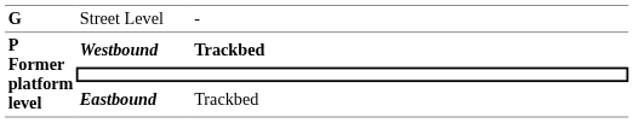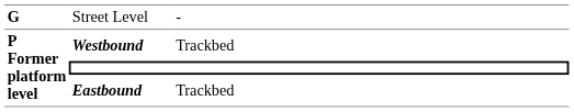 <table table border=0 cellspacing=0 cellpadding=3>
 <tr>
 <td style="width:50px;border-top:solid 1px gray; vertical-align:top;" width=50><strong>G</strong></td>
 <td style="width:100px;border-top:solid 1px gray; vertical-align:top;" width=100>Street Level</td>
 <td style="width:400px;border-top:solid 1px gray; vertical-align:top;" width=400>-</td>
 </tr>
 <tr>
 <td style="border-top:solid 1px gray;border-bottom:solid 1px gray;" width=50 rowspan=3 valign=top><strong>P<br>Former platform level</strong></td>
 <td style="border-top:solid 1px gray;"><strong><em>Westbound</em></strong></td>
-<td style="border-top:solid 1px gray;"><strong>Trackbed</strong></td>
+<td style="border-top:solid 1px gray;">Trackbed</td>
 </tr>
 <tr>
 <td style="border-right:solid 2px black;border-left:solid 2px black;border-top:solid 2px black;border-bottom:solid 2px black;text-align:center;" colspan=2></td>
 </tr>
 <tr>
 <td style="border-bottom:solid 1px gray;"><strong><em>Eastbound</em></strong></td>
 <td style="border-bottom:solid 1px gray;">Trackbed</td>
 </tr>
 </table>
